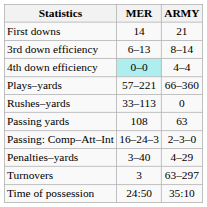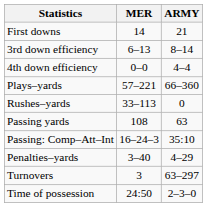 <table class="wikitable">
 <tr>
 <th>Statistics</th>
 <th>MER</th>
 <th>ARMY</th>
 </tr>
 <tr>
 <td>First downs</td>
 <td align=center>14</td>
 <td align=center>21</td>
 </tr>
 <tr>
 <td>3rd down efficiency</td>
 <td align=center>6–13</td>
 <td align=center>8–14</td>
 </tr>
 <tr>
 <td>4th down efficiency</td>
-<td align=center style="background: paleturquoise;">0–0</td>
+<td align=center>0–0</td>
 <td align=center>4–4</td>
 </tr>
 <tr>
 <td>Plays–yards</td>
 <td align=center>57–221</td>
 <td align=center>66–360</td>
 </tr>
 <tr>
 <td>Rushes–yards</td>
 <td align=center>33–113</td>
 <td align=center>0</td>
 </tr>
 <tr>
 <td>Passing yards</td>
 <td align=center>108</td>
 <td align=center>63</td>
 </tr>
 <tr>
 <td>Passing: Comp–Att–Int</td>
 <td align=center>16–24–3</td>
-<td align=center>2–3–0</td>
+<td align=center>35:10</td>
 </tr>
 <tr>
 <td>Penalties–yards</td>
 <td align=center>3–40</td>
 <td align=center>4–29</td>
 </tr>
 <tr>
 <td>Turnovers</td>
 <td align=center>3</td>
 <td align=center>63–297</td>
 </tr>
 <tr>
 <td>Time of possession</td>
 <td align=center>24:50</td>
-<td align=center>35:10</td>
+<td align=center>2–3–0</td>
 </tr>
 </table>
